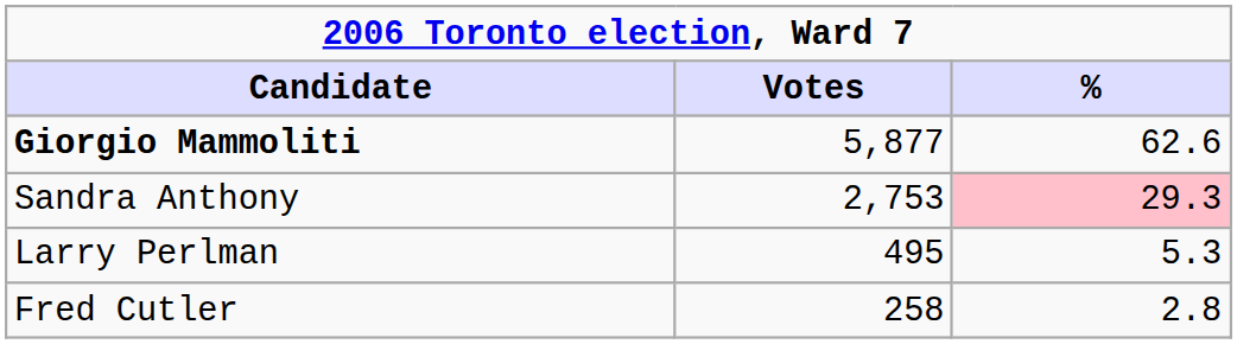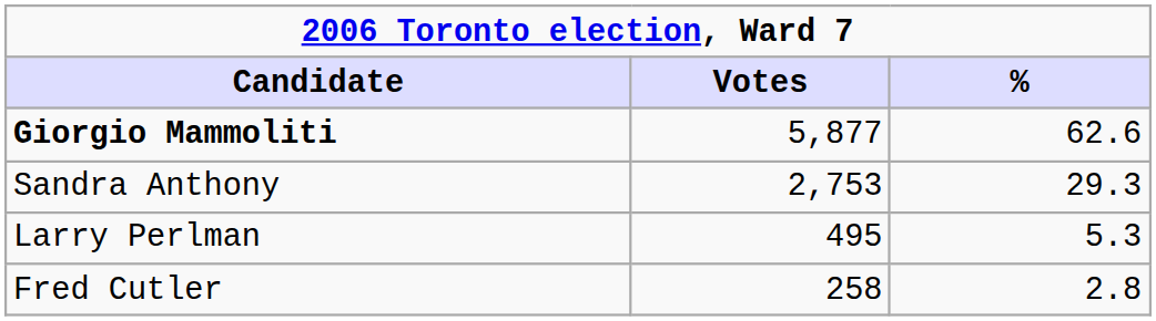 <table class="wikitable">
 <tr>
 <td colspan="3" style="text-align:center;"><strong><a href='#'>2006 Toronto election</a>, Ward 7</strong></td>
 </tr>
 <tr>
 <th style="background:#ddf; width:250px;">Candidate</th>
 <th style="background:#ddf; width:100px;">Votes</th>
 <th style="background:#ddf; width:100px;">%</th>
 </tr>
 <tr>
 <td><strong>Giorgio Mammoliti</strong></td>
 <td align=right>5,877</td>
 <td align=right>62.6</td>
 </tr>
 <tr>
 <td>Sandra Anthony</td>
 <td align=right>2,753</td>
-<td align=right style="background: pink;">29.3</td>
+<td align=right>29.3</td>
 </tr>
 <tr>
 <td>Larry Perlman</td>
 <td align=right>495</td>
 <td align=right>5.3</td>
 </tr>
 <tr>
 <td>Fred Cutler</td>
 <td align=right>258</td>
 <td align=right>2.8</td>
 </tr>
 </table>
